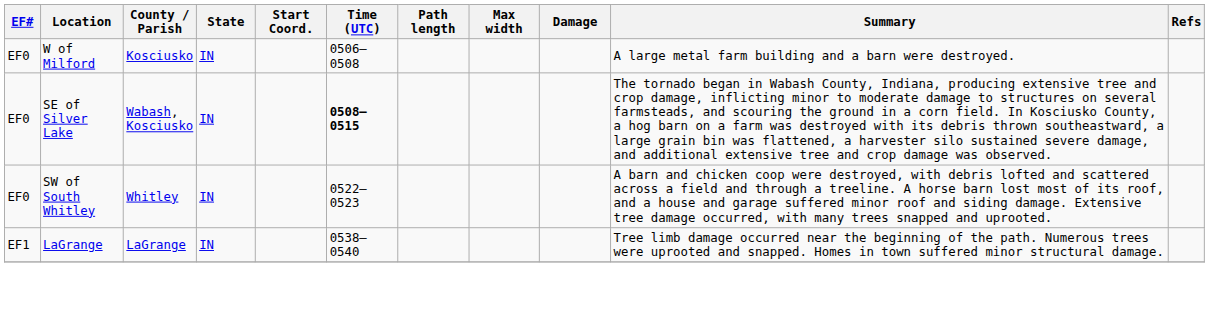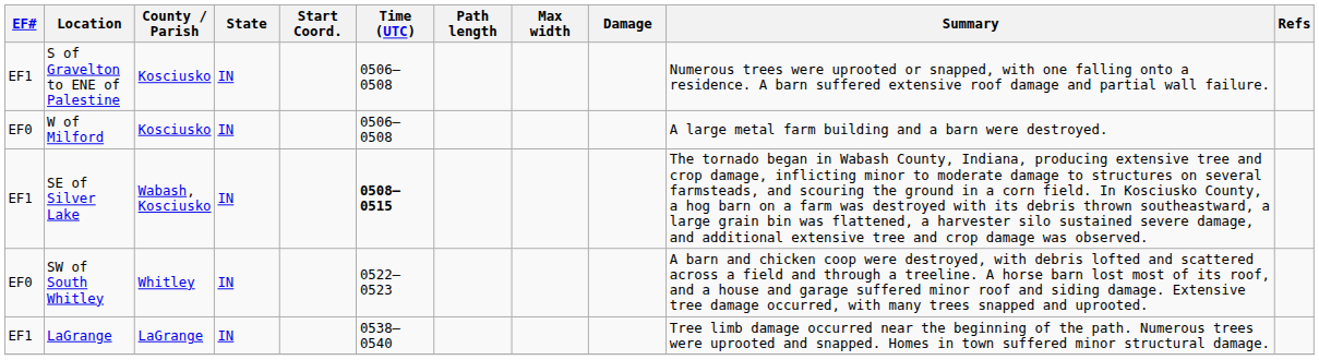 <table class="wikitable sortable" style="width:100%;">
 <tr>
 <th scope="col" width="3%" align="center"><a href='#'>EF#</a></th>
 <th scope="col" width="7%" align="center" class="unsortable">Location</th>
 <th scope="col" width="6%" align="center" class="unsortable">County / Parish</th>
 <th scope="col" width="5%" align="center">State</th>
 <th scope="col" width="6%" align="center">Start Coord.</th>
 <th scope="col" width="6%" align="center">Time (<a href='#'>UTC</a>)</th>
 <th scope="col" width="6%" align="center">Path length</th>
 <th scope="col" width="6%" align="center">Max width</th>
 <th scope="col" width="6%" align="center">Damage</th>
 <th scope="col" width="48%" class="unsortable" align="center">Summary</th>
 <th scope="col" width="48%" class="unsortable" align="center">Refs</th>
 </tr>
 <tr>
+<td>EF1</td>
+<td>S of <a href='#'>Gravelton</a> to ENE of <a href='#'>Palestine</a></td>
+<td><a href='#'>Kosciusko</a></td>
+<td><a href='#'>IN</a></td>
+<td></td>
+<td>0506–0508</td>
+<td></td>
+<td></td>
+<td></td>
+<td>Numerous trees were uprooted or snapped, with one falling onto a residence. A barn suffered extensive roof damage and partial wall failure.</td>
+<td></td>
+</tr>
+<tr>
 <td>EF0</td>
 <td>W of <a href='#'>Milford</a></td>
 <td><a href='#'>Kosciusko</a></td>
 <td><a href='#'>IN</a></td>
 <td></td>
 <td>0506–0508</td>
 <td></td>
 <td></td>
 <td></td>
 <td>A large metal farm building and a barn were destroyed.</td>
 <td></td>
 </tr>
 <tr>
-<td>EF0</td>
+<td>EF1</td>
 <td>SE of <a href='#'>Silver Lake</a></td>
 <td><a href='#'>Wabash</a>, <a href='#'>Kosciusko</a></td>
 <td><a href='#'>IN</a></td>
 <td></td>
 <td><strong>0508–0515</strong></td>
 <td></td>
 <td></td>
 <td></td>
 <td>The tornado began in Wabash County, Indiana, producing extensive tree and crop damage, inflicting minor to moderate damage to structures on several farmsteads, and scouring the ground in a corn field. In Kosciusko County, a hog barn on a farm was destroyed with its debris thrown southeastward, a large grain bin was flattened, a harvester silo sustained severe damage, and additional extensive tree and crop damage was observed.</td>
 <td></td>
 </tr>
 <tr>
 <td>EF0</td>
 <td>SW of <a href='#'>South Whitley</a></td>
 <td><a href='#'>Whitley</a></td>
 <td><a href='#'>IN</a></td>
 <td></td>
 <td>0522–0523</td>
 <td></td>
 <td></td>
 <td></td>
 <td>A barn and chicken coop were destroyed, with debris lofted and scattered across a field and through a treeline. A horse barn lost most of its roof, and a house and garage suffered minor roof and siding damage. Extensive tree damage occurred, with many trees snapped and uprooted.</td>
 <td></td>
 </tr>
 <tr>
 <td>EF1</td>
 <td><a href='#'>LaGrange</a></td>
 <td><a href='#'>LaGrange</a></td>
 <td><a href='#'>IN</a></td>
 <td></td>
 <td>0538–0540</td>
 <td></td>
 <td></td>
 <td></td>
 <td>Tree limb damage occurred near the beginning of the path. Numerous trees were uprooted and snapped. Homes in town suffered minor structural damage.</td>
 <td></td>
 </tr>
 <tr>
 </tr>
 </table>
